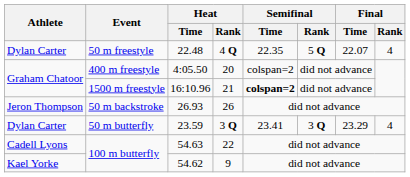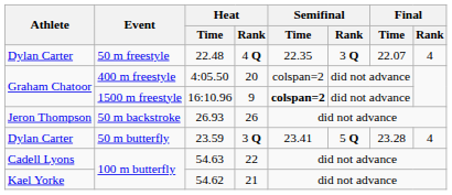 <table class=wikitable style=font-size:90%>
 <tr>
 <th rowspan=2>Athlete</th>
 <th rowspan=2>Event</th>
 <th colspan=2>Heat</th>
 <th colspan=2>Semifinal</th>
 <th colspan=2>Final</th>
 </tr>
 <tr style=font-size:95%>
 <th>Time</th>
 <th>Rank</th>
 <th>Time</th>
 <th>Rank</th>
 <th>Time</th>
 <th>Rank</th>
 </tr>
 <tr align=center>
 <td align=left rowspan=1><a href='#'>Dylan Carter</a></td>
 <td align=left rowspan="1"><a href='#'>50 m freestyle</a></td>
 <td>22.48</td>
 <td>4 <strong>Q</strong></td>
 <td>22.35</td>
-<td>5 <strong>Q</strong></td>
+<td>3 <strong>Q</strong></td>
 <td>22.07</td>
 <td>4</td>
 </tr>
 <tr align=center>
 <td align=left rowspan=2><a href='#'>Graham Chatoor</a></td>
 <td align=left rowspan="1"><a href='#'>400 m freestyle</a></td>
 <td>4:05.50</td>
 <td>20</td>
 <td>colspan=2 </td>
 <td colspan=2>did not advance</td>
 </tr>
 <tr align=center>
 <td align=left rowspan="1"><a href='#'>1500 m freestyle</a></td>
 <td>16:10.96</td>
-<td>21</td>
+<td>9</td>
 <td><strong>colspan=2 </strong></td>
 <td colspan=2>did not advance</td>
 </tr>
 <tr align=center>
 <td align=left><a href='#'>Jeron Thompson</a></td>
 <td align=left rowspan=1><a href='#'>50 m backstroke</a></td>
 <td>26.93</td>
 <td>26</td>
 <td colspan=4>did not advance</td>
 </tr>
 <tr align=center>
 <td align=left><a href='#'>Dylan Carter</a></td>
 <td align=left rowspan="1"><a href='#'>50 m butterfly</a></td>
 <td>23.59</td>
 <td>3 <strong>Q</strong></td>
 <td>23.41</td>
-<td>3 <strong>Q</strong></td>
-<td>23.29</td>
+<td>5 <strong>Q</strong></td>
+<td>23.28</td>
 <td>4</td>
 </tr>
 <tr align=center>
 <td align=left><a href='#'>Cadell Lyons</a></td>
 <td align=left rowspan="2"><a href='#'>100 m butterfly</a></td>
 <td>54.63</td>
 <td>22</td>
 <td colspan=4>did not advance</td>
 </tr>
 <tr align=center>
 <td align=left><a href='#'>Kael Yorke</a></td>
 <td>54.62</td>
-<td>9</td>
+<td>21</td>
 <td colspan=4>did not advance</td>
 </tr>
 </table>
